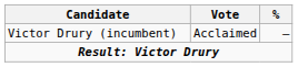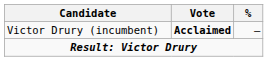 <table class="wikitable">
 <tr>
 <th bgcolor="#DDDDFF" width="200px">Candidate</th>
 <th bgcolor="#DDDDFF" width="50px">Vote</th>
 <th bgcolor="#DDDDFF"  width="30px">%</th>
 </tr>
 <tr>
 <td>Victor Drury (incumbent)</td>
-<td align="right">Acclaimed</td>
+<td align="right"><strong>Acclaimed</strong></td>
 <td align="right">–</td>
 </tr>
 <tr>
 <td colspan=5 align="center"><strong><em>Result: Victor Drury</em></strong></td>
 </tr>
 </table>
